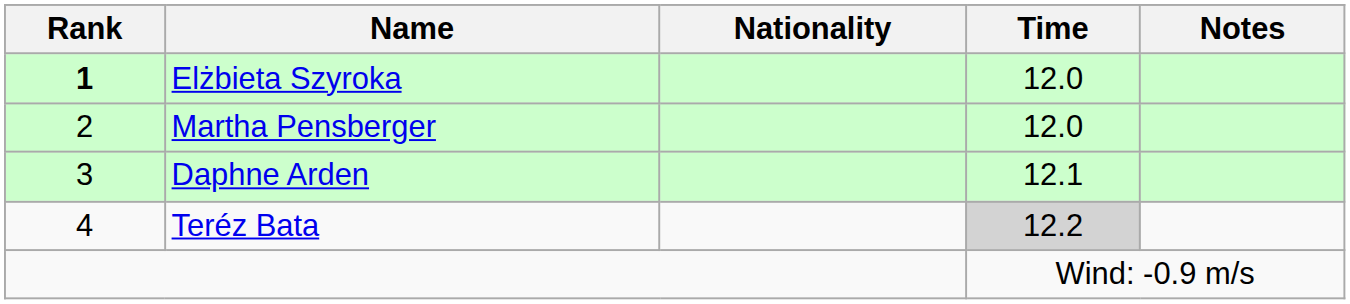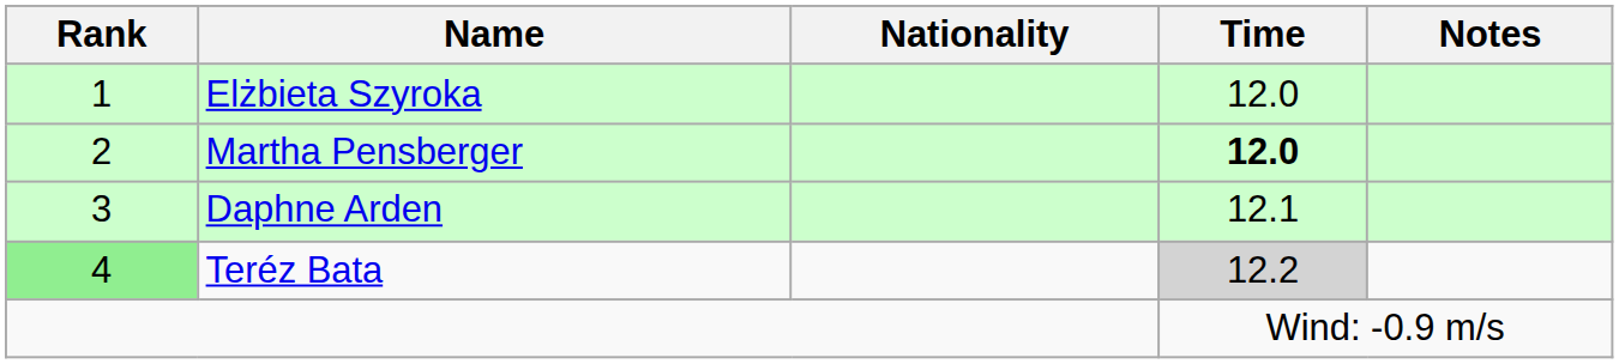 <table class="wikitable sortable" style="text-align:center;width: 55%">
 <tr>
 <th>Rank</th>
 <th>Name</th>
 <th>Nationality</th>
 <th>Time</th>
 <th>Notes</th>
 </tr>
 <tr bgcolor=ccffcc>
-<td><strong>1</strong></td>
+<td>1</td>
 <td align=left><a href='#'>Elżbieta Szyroka</a></td>
 <td align=left></td>
 <td>12.0</td>
 <td></td>
 </tr>
 <tr bgcolor=ccffcc>
 <td>2</td>
 <td align=left><a href='#'>Martha Pensberger</a></td>
 <td align=left></td>
-<td>12.0</td>
+<td><strong>12.0</strong></td>
 <td></td>
 </tr>
 <tr bgcolor=ccffcc>
 <td>3</td>
 <td align=left><a href='#'>Daphne Arden</a></td>
 <td align=left></td>
 <td>12.1</td>
 <td></td>
 </tr>
 <tr>
-<td>4</td>
+<td style="background: lightgreen;">4</td>
 <td align=left><a href='#'>Teréz Bata</a></td>
 <td align=left></td>
 <td style="background: lightgrey;">12.2</td>
 <td></td>
 </tr>
 <tr>
 <td colspan="3"></td>
 <td colspan="2">Wind: -0.9 m/s</td>
 </tr>
 </table>
